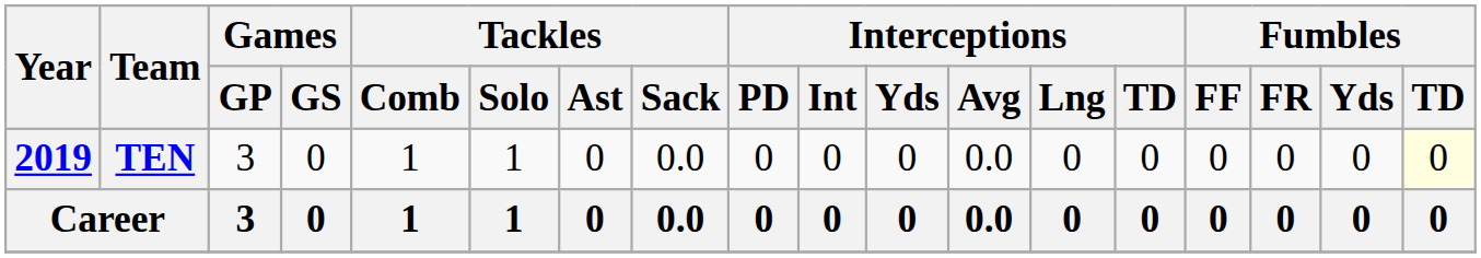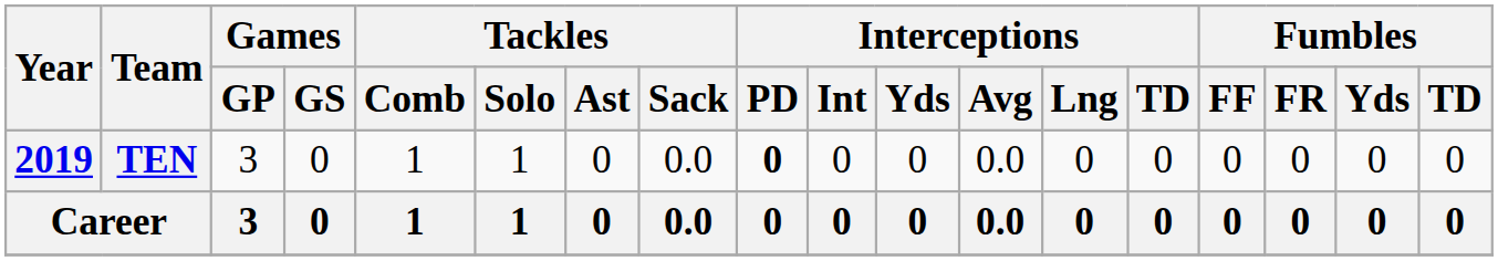 <table class="wikitable" style="text-align:center">
 <tr>
 <th rowspan="2">Year</th>
 <th rowspan="2">Team</th>
 <th colspan="2">Games</th>
 <th colspan="4">Tackles</th>
 <th colspan="6">Interceptions</th>
 <th colspan="4">Fumbles</th>
 </tr>
 <tr>
 <th>GP</th>
 <th>GS</th>
 <th>Comb</th>
 <th>Solo</th>
 <th>Ast</th>
 <th>Sack</th>
 <th>PD</th>
 <th>Int</th>
 <th>Yds</th>
 <th>Avg</th>
 <th>Lng</th>
 <th>TD</th>
 <th>FF</th>
 <th>FR</th>
 <th>Yds</th>
 <th>TD</th>
 </tr>
 <tr>
 <th><a href='#'>2019</a></th>
 <th><a href='#'>TEN</a></th>
 <td>3</td>
 <td>0</td>
 <td>1</td>
 <td>1</td>
 <td>0</td>
 <td>0.0</td>
-<td>0</td>
+<td><strong>0</strong></td>
 <td>0</td>
 <td>0</td>
 <td>0.0</td>
 <td>0</td>
 <td>0</td>
 <td>0</td>
 <td>0</td>
 <td>0</td>
-<td style="background: lightyellow;">0</td>
+<td>0</td>
 </tr>
 <tr>
 <th colspan="2">Career</th>
 <th>3</th>
 <th>0</th>
 <th>1</th>
 <th>1</th>
 <th>0</th>
 <th>0.0</th>
 <th>0</th>
 <th>0</th>
 <th>0</th>
 <th>0.0</th>
 <th>0</th>
 <th>0</th>
 <th>0</th>
 <th>0</th>
 <th>0</th>
 <th>0</th>
 </tr>
 <tr>
 </tr>
 </table>
